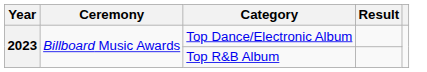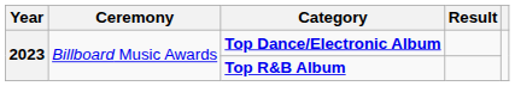 <table class="wikitable sortable plainrowheaders" style="border:none; margin:0;">
 <tr>
 <th scope="col">Year</th>
 <th scope="col">Ceremony</th>
 <th scope="col">Category</th>
 <th scope="col">Result</th>
 <th scope="col" class="unsortable"></th>
 </tr>
 <tr>
 <th scope="row" rowspan="2">2023</th>
 <td rowspan="2"><a href='#'><em>Billboard</em> Music Awards</a></td>
-<td><a href='#'>Top Dance/Electronic Album</a></td>
+<td><strong><a href='#'>Top Dance/Electronic Album</a></strong></td>
 <td></td>
 <td rowspan="2"></td>
 </tr>
 <tr>
-<td><a href='#'>Top R&B Album</a></td>
+<td><strong><a href='#'>Top R&B Album</a></strong></td>
 <td></td>
 </tr>
 </table>
